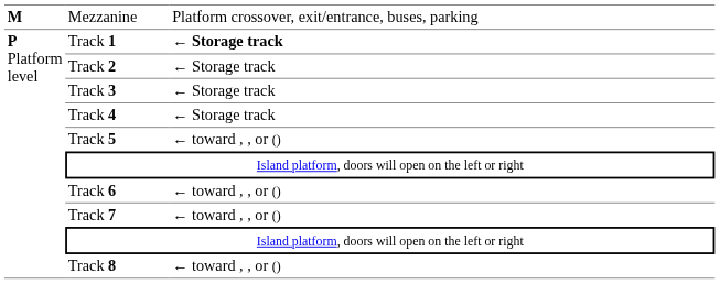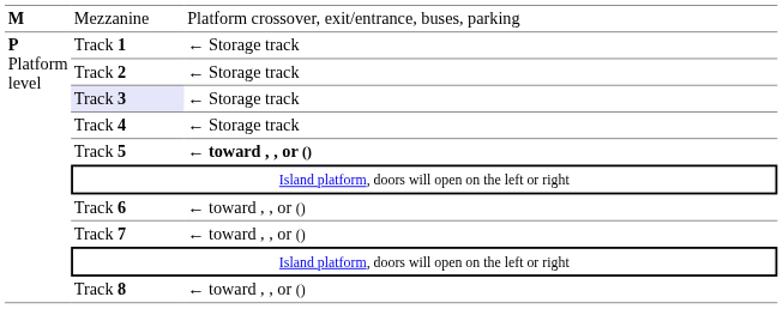 <table border=0 cellspacing=0 cellpadding=3>
 <tr>
 <td style="border-top:solid 1px gray;" width=50><strong>M</strong></td>
 <td style="border-top:solid 1px gray;" width=100>Mezzanine</td>
 <td style="border-top:solid 1px gray;" width=550>Platform crossover, exit/entrance, buses, parking</td>
 </tr>
 <tr>
 <td style="border-top:solid 1px gray;border-bottom:solid 1px gray;" rowspan=10 valign=top><strong>P</strong><br>Platform level</td>
 <td style="border-top:solid 1px gray;">Track <strong>1</strong></td>
-<td style="border-top:solid 1px gray;"><strong>← Storage track</strong></td>
+<td style="border-top:solid 1px gray;">← Storage track</td>
 </tr>
 <tr>
 <td style="border-top:solid 1px gray">Track <strong>2</strong></td>
 <td style="border-top:solid 1px gray">← Storage track</td>
 </tr>
 <tr>
-<td style="border-top:solid 1px gray">Track <strong>3</strong></td>
+<td style="background: lavender; border-top:solid 1px gray">Track <strong>3</strong></td>
 <td style="border-top:solid 1px gray">← Storage track</td>
 </tr>
 <tr>
 <td style="border-top:solid 1px gray">Track <strong>4</strong></td>
 <td style="border-top:solid 1px gray">← Storage track</td>
 </tr>
 <tr>
 <td style="border-top:solid 1px gray">Track <strong>5</strong></td>
-<td style="border-top:solid 1px gray">←  toward , , or  <small>()</small></td>
+<td style="border-top:solid 1px gray"><strong>←  toward , , or  <small>()</small></strong></td>
 </tr>
 <tr>
 <td style="border-top:solid 2px black;border-right:solid 2px black;border-left:solid 2px black;border-bottom:solid 2px black;text-align:center;" colspan=2><small><a href='#'>Island platform</a>, doors will open on the left or right</small> </td>
 </tr>
 <tr>
 <td style="border-bottom:solid 1px gray">Track <strong>6</strong></td>
 <td style="border-bottom:solid 1px gray">←  toward , , or  <small>()</small></td>
 </tr>
 <tr>
 <td>Track <strong>7</strong></td>
 <td>←  toward , , or  <small>()</small></td>
 </tr>
 <tr>
 <td style="border-top:solid 2px black;border-right:solid 2px black;border-left:solid 2px black;border-bottom:solid 2px black;text-align:center;" colspan=2><small><a href='#'>Island platform</a>, doors will open on the left or right</small> </td>
 </tr>
 <tr>
 <td style="border-bottom:solid 1px gray">Track <strong>8</strong></td>
 <td style="border-bottom:solid 1px gray">←  toward , , or  <small>()</small></td>
 </tr>
 </table>
